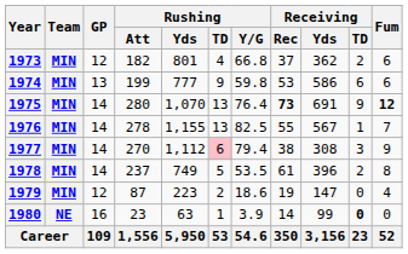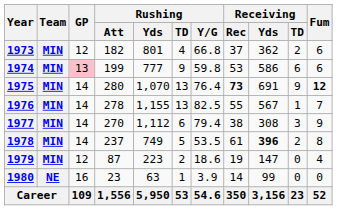 <table class="wikitable" style="text-align:center;">
 <tr>
 <th rowspan=2>Year</th>
 <th rowspan=2>Team</th>
 <th rowspan=2>GP</th>
 <th colspan=4>Rushing</th>
 <th colspan=3>Receiving</th>
 <th rowspan=2>Fum</th>
 </tr>
 <tr>
 <th>Att</th>
 <th>Yds</th>
 <th>TD</th>
 <th>Y/G</th>
 <th>Rec</th>
 <th>Yds</th>
 <th>TD</th>
 </tr>
 <tr>
 <th><a href='#'>1973</a></th>
 <th><a href='#'>MIN</a></th>
 <td>12</td>
 <td>182</td>
 <td>801</td>
 <td>4</td>
 <td>66.8</td>
 <td>37</td>
 <td>362</td>
 <td>2</td>
 <td>6</td>
 </tr>
 <tr>
 <th><a href='#'>1974</a></th>
 <th><a href='#'>MIN</a></th>
-<td>13</td>
+<td style="background: pink;">13</td>
 <td>199</td>
 <td>777</td>
 <td>9</td>
 <td>59.8</td>
 <td>53</td>
 <td>586</td>
 <td>6</td>
 <td>6</td>
 </tr>
 <tr>
 <th><a href='#'>1975</a></th>
 <th><a href='#'>MIN</a></th>
 <td>14</td>
 <td>280</td>
 <td>1,070</td>
 <td>13</td>
 <td>76.4</td>
 <td><strong>73</strong></td>
 <td>691</td>
 <td>9</td>
 <td><strong>12</strong></td>
 </tr>
 <tr>
 <th><a href='#'>1976</a></th>
 <th><a href='#'>MIN</a></th>
 <td>14</td>
 <td>278</td>
 <td>1,155</td>
 <td>13</td>
 <td>82.5</td>
 <td>55</td>
 <td>567</td>
 <td>1</td>
 <td>7</td>
 </tr>
 <tr>
 <th><a href='#'>1977</a></th>
 <th><a href='#'>MIN</a></th>
 <td>14</td>
 <td>270</td>
 <td>1,112</td>
-<td style="background: pink;">6</td>
+<td>6</td>
 <td>79.4</td>
 <td>38</td>
 <td>308</td>
 <td>3</td>
 <td>9</td>
 </tr>
 <tr>
 <th><a href='#'>1978</a></th>
 <th><a href='#'>MIN</a></th>
 <td>14</td>
 <td>237</td>
 <td>749</td>
 <td>5</td>
 <td>53.5</td>
 <td>61</td>
-<td>396</td>
+<td><strong>396</strong></td>
 <td>2</td>
 <td>8</td>
 </tr>
 <tr>
 <th><a href='#'>1979</a></th>
 <th><a href='#'>MIN</a></th>
 <td>12</td>
 <td>87</td>
 <td>223</td>
 <td>2</td>
 <td>18.6</td>
 <td>19</td>
 <td>147</td>
 <td>0</td>
 <td>4</td>
 </tr>
 <tr>
 <th><a href='#'>1980</a></th>
 <th><a href='#'>NE</a></th>
 <td>16</td>
 <td>23</td>
 <td>63</td>
 <td>1</td>
 <td>3.9</td>
 <td>14</td>
 <td>99</td>
-<td><strong>0</strong></td>
+<td>0</td>
 <td>0</td>
 </tr>
 <tr>
 <th colspan=2>Career</th>
 <th>109</th>
 <th>1,556</th>
 <th>5,950</th>
 <th>53</th>
 <th>54.6</th>
 <th>350</th>
 <th>3,156</th>
 <th>23</th>
 <th>52</th>
 </tr>
 </table>
